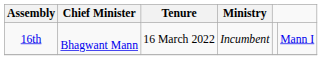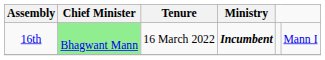 <table class="wikitable sortable"style="text-align:center;">
 <tr>
 <th Style="background-color:">Assembly</th>
 <th Style="background-color:">Chief Minister</th>
 <th Style="background-color:">Tenure</th>
 <th Style="background-color:">Ministry</th>
 </tr>
 <tr>
 <td><a href='#'>16th</a></td>
-<td><br><a href='#'>Bhagwant Mann</a></td>
+<td style="background: lightgreen;"><br><a href='#'>Bhagwant Mann</a></td>
 <td>16 March 2022</td>
-<td><em>Incumbent</em></td>
+<td><strong><em>Incumbent</em></strong></td>
 <td></td>
 <td><a href='#'>Mann I</a></td>
 </tr>
 <tr>
 </tr>
 </table>
